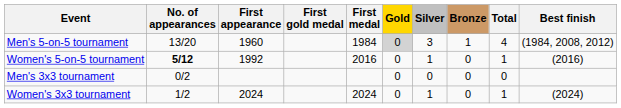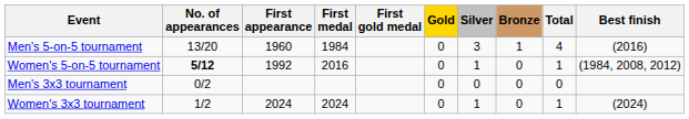 <table class="wikitable sortable" style="text-align:center">
 <tr>
 <th>Event</th>
 <th>No. of<br>appearances</th>
 <th>First<br>appearance</th>
+<th>First<br>medal</th>
 <th>First<br>gold medal</th>
-<th>First<br>medal</th>
 <th style="background-color:gold;">Gold</th>
 <th style="background-color:silver;">Silver</th>
 <th style="background-color:#c96;">Bronze</th>
 <th>Total</th>
 <th>Best finish</th>
 </tr>
 <tr>
 <td align=left><a href='#'>Men's 5-on-5 tournament</a></td>
 <td>13/20</td>
 <td>1960</td>
+<td>1984</td>
 <td></td>
-<td>1984</td>
-<td style="background: lightgrey;">0</td>
+<td>0</td>
 <td>3</td>
 <td>1</td>
 <td>4</td>
-<td> (1984, 2008, 2012)</td>
+<td> (2016)</td>
 </tr>
 <tr>
 <td align=left><a href='#'>Women's 5-on-5 tournament</a></td>
 <td><strong>5/12</strong></td>
 <td>1992</td>
+<td>2016</td>
 <td></td>
-<td>2016</td>
 <td>0</td>
 <td>1</td>
 <td>0</td>
 <td>1</td>
-<td> (2016)</td>
+<td> (1984, 2008, 2012)</td>
 </tr>
 <tr>
 <td align=left><a href='#'>Men's 3x3 tournament</a></td>
 <td>0/2</td>
 <td></td>
 <td></td>
 <td></td>
 <td>0</td>
 <td>0</td>
 <td>0</td>
 <td>0</td>
 <td></td>
 </tr>
 <tr>
 <td align=left><a href='#'>Women's 3x3 tournament</a></td>
 <td>1/2</td>
 <td>2024</td>
+<td>2024</td>
 <td></td>
-<td>2024</td>
 <td>0</td>
 <td>1</td>
 <td>0</td>
 <td>1</td>
 <td> (2024)</td>
 </tr>
 </table>
